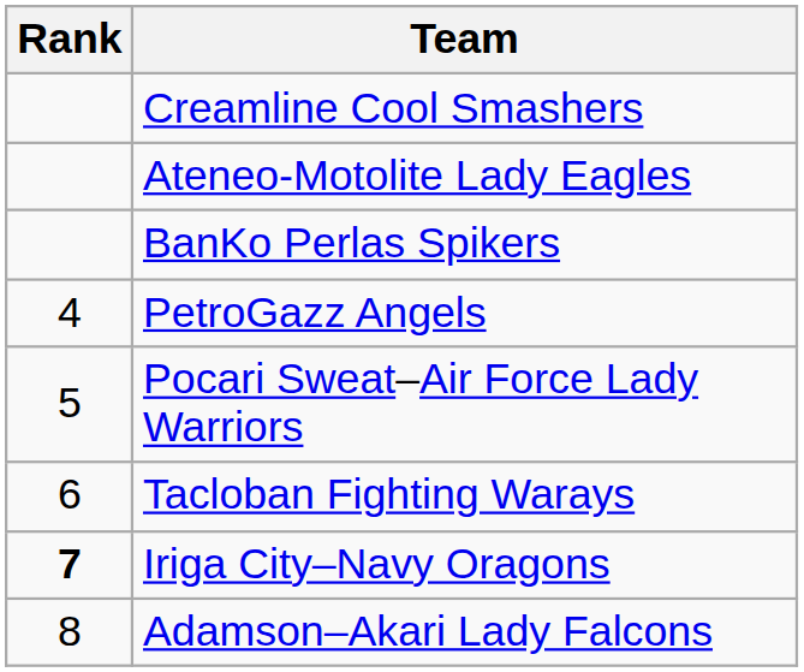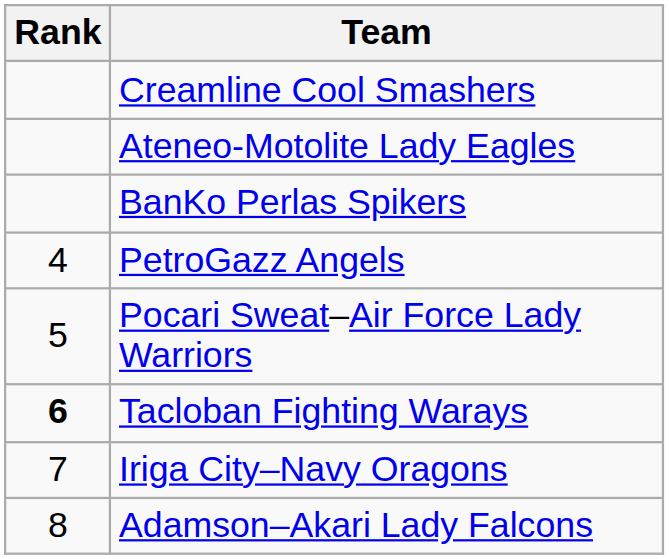 <table class="wikitable" style="text-align: center;">
 <tr>
 <th width=40>Rank</th>
 <th width=240>Team</th>
 </tr>
 <tr>
 <td></td>
 <td align="left"><a href='#'>Creamline Cool Smashers</a></td>
 </tr>
 <tr>
 <td></td>
 <td align="left"><a href='#'>Ateneo-Motolite Lady Eagles</a></td>
 </tr>
 <tr>
 <td></td>
 <td align="left"><a href='#'>BanKo Perlas Spikers</a></td>
 </tr>
 <tr>
 <td>4</td>
 <td align="left"><a href='#'>PetroGazz Angels</a></td>
 </tr>
 <tr>
 <td>5</td>
 <td align="left"><a href='#'>Pocari Sweat</a>–<a href='#'>Air Force Lady Warriors</a></td>
 </tr>
 <tr>
-<td>6</td>
+<td><strong>6</strong></td>
 <td align="left"><a href='#'>Tacloban Fighting Warays</a></td>
 </tr>
 <tr>
-<td><strong>7</strong></td>
+<td>7</td>
 <td align="left"><a href='#'>Iriga City–Navy Oragons</a></td>
 </tr>
 <tr>
 <td>8</td>
 <td align="left"><a href='#'>Adamson–Akari Lady Falcons</a></td>
 </tr>
 </table>
